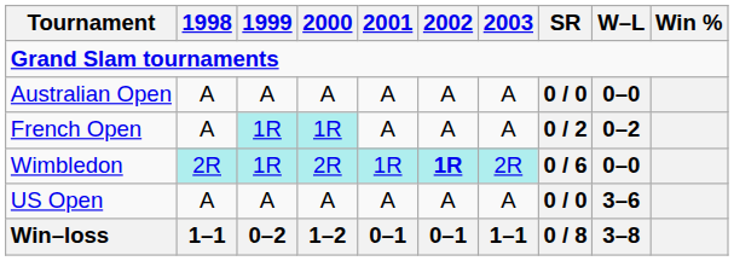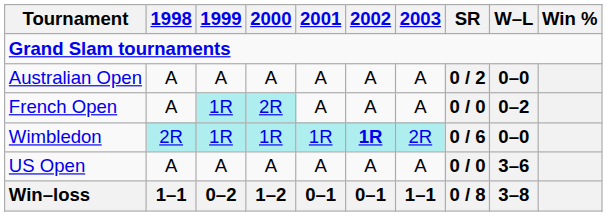 <table class=wikitable style=text-align:center>
 <tr>
 <th>Tournament</th>
 <th><a href='#'>1998</a></th>
 <th><a href='#'>1999</a></th>
 <th><a href='#'>2000</a></th>
 <th><a href='#'>2001</a></th>
 <th><a href='#'>2002</a></th>
 <th><a href='#'>2003</a></th>
 <th>SR</th>
 <th>W–L</th>
 <th>Win %</th>
 </tr>
 <tr>
 <td colspan=25 style=text-align:left><a href='#'><strong>Grand Slam tournaments</strong></a></td>
 </tr>
 <tr>
 <td align=left><a href='#'>Australian Open</a></td>
 <td>A</td>
 <td>A</td>
 <td>A</td>
 <td>A</td>
 <td>A</td>
 <td>A</td>
-<th>0 / 0</th>
+<th>0 / 2</th>
 <th>0–0</th>
 <th></th>
 </tr>
 <tr>
 <td align=left><a href='#'>French Open</a></td>
 <td>A</td>
 <td bgcolor=afeeee><a href='#'>1R</a></td>
-<td bgcolor=afeeee><a href='#'>1R</a></td>
+<td bgcolor=afeeee><a href='#'>2R</a></td>
 <td>A</td>
 <td>A</td>
 <td>A</td>
-<th>0 / 2</th>
+<th>0 / 0</th>
 <th>0–2</th>
 <th></th>
 </tr>
 <tr>
 <td align=left><a href='#'>Wimbledon</a></td>
 <td bgcolor=afeeee><a href='#'>2R</a></td>
 <td bgcolor=afeeee><a href='#'>1R</a></td>
-<td bgcolor=afeeee><a href='#'>2R</a></td>
+<td bgcolor=afeeee><a href='#'>1R</a></td>
 <td bgcolor=afeeee><a href='#'>1R</a></td>
 <td bgcolor=afeeee><strong><a href='#'>1R</a></strong></td>
 <td bgcolor=afeeee><a href='#'>2R</a></td>
 <th>0 / 6</th>
 <th>0–0</th>
 <th></th>
 </tr>
 <tr>
 <td align=left><a href='#'>US Open</a></td>
 <td>A</td>
 <td>A</td>
 <td>A</td>
 <td>A</td>
 <td>A</td>
 <td>A</td>
 <th>0 / 0</th>
 <th>3–6</th>
 <th></th>
 </tr>
 <tr>
 <th style=text-align:left>Win–loss</th>
 <th>1–1</th>
 <th>0–2</th>
 <th>1–2</th>
 <th>0–1</th>
 <th>0–1</th>
 <th>1–1</th>
 <th>0 / 8</th>
 <th>3–8</th>
 <th></th>
 </tr>
 </table>
